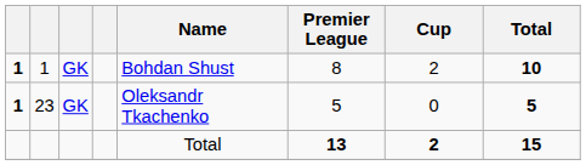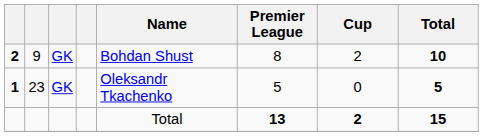 <table class="wikitable" style="text-align:center">
 <tr>
 <th width=15></th>
 <th width=15></th>
 <th width=15></th>
 <th width=15></th>
 <th width=145>Name</th>
 <th width=80><strong>Premier League</strong></th>
 <th width=80><strong>Cup</strong></th>
 <th width=80>Total</th>
 </tr>
 <tr>
-<td><strong>1</strong></td>
-<td>1</td>
+<td><strong>2</strong></td>
+<td>9</td>
 <td><a href='#'>GK</a></td>
 <td></td>
 <td align=left><a href='#'>Bohdan Shust</a></td>
 <td>8</td>
 <td>2</td>
 <td><strong>10</strong></td>
 </tr>
 <tr>
 <td><strong>1</strong></td>
 <td>23</td>
 <td><a href='#'>GK</a></td>
 <td></td>
 <td align=left><a href='#'>Oleksandr Tkachenko</a></td>
 <td>5</td>
 <td>0</td>
 <td><strong>5</strong></td>
 </tr>
 <tr>
 <td></td>
 <td></td>
 <td></td>
 <td></td>
 <td>Total</td>
 <td><strong>13</strong></td>
 <td><strong>2</strong></td>
 <td><strong>15</strong></td>
 </tr>
 <tr>
 </tr>
 </table>
